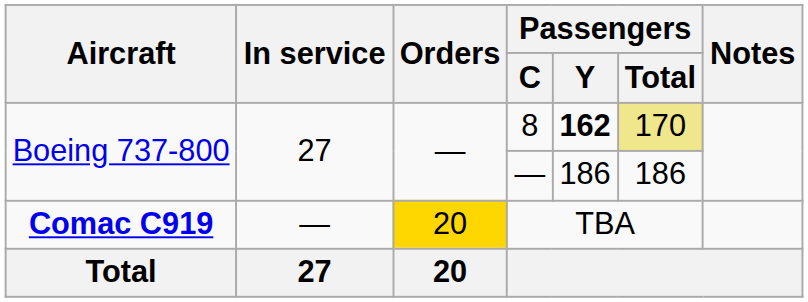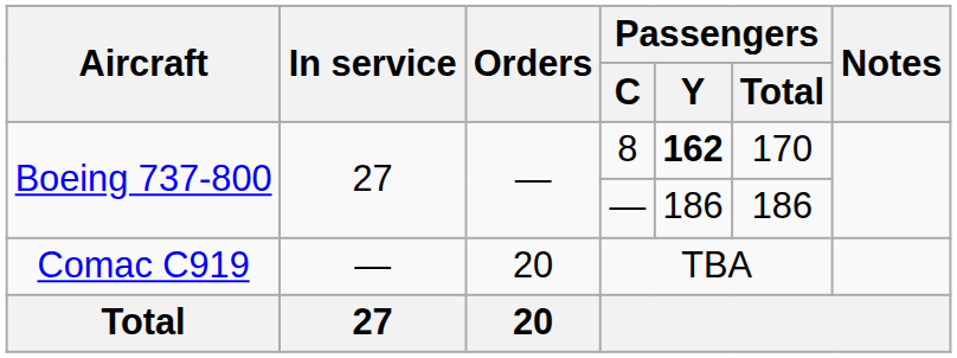 <table class="wikitable" style="border-collapse:collapse;text-align:center;margin:1em auto;">
 <tr>
 <th rowspan="2">Aircraft</th>
 <th rowspan="2">In service</th>
 <th rowspan="2">Orders</th>
 <th colspan="3">Passengers</th>
 <th rowspan="2">Notes</th>
 </tr>
 <tr>
 <th><abbr>C</abbr></th>
 <th><abbr>Y</abbr></th>
 <th>Total</th>
 </tr>
 <tr>
 <td rowspan="2"><a href='#'>Boeing 737-800</a></td>
 <td rowspan="2">27</td>
 <td rowspan="2">—</td>
 <td>8</td>
 <td><strong>162</strong></td>
-<td style="background: khaki;">170</td>
+<td>170</td>
 <td rowspan="2"></td>
 </tr>
 <tr>
 <td>—</td>
 <td>186</td>
 <td>186</td>
 </tr>
 <tr>
-<td><strong><a href='#'>Comac C919</a></strong></td>
+<td><a href='#'>Comac C919</a></td>
 <td>—</td>
-<td style="background: gold;">20</td>
+<td>20</td>
 <td colspan="3"><abbr>TBA</abbr></td>
 <td></td>
 </tr>
 <tr>
 <th>Total</th>
 <th>27</th>
 <th>20</th>
 <th colspan="4"></th>
 </tr>
 </table>
